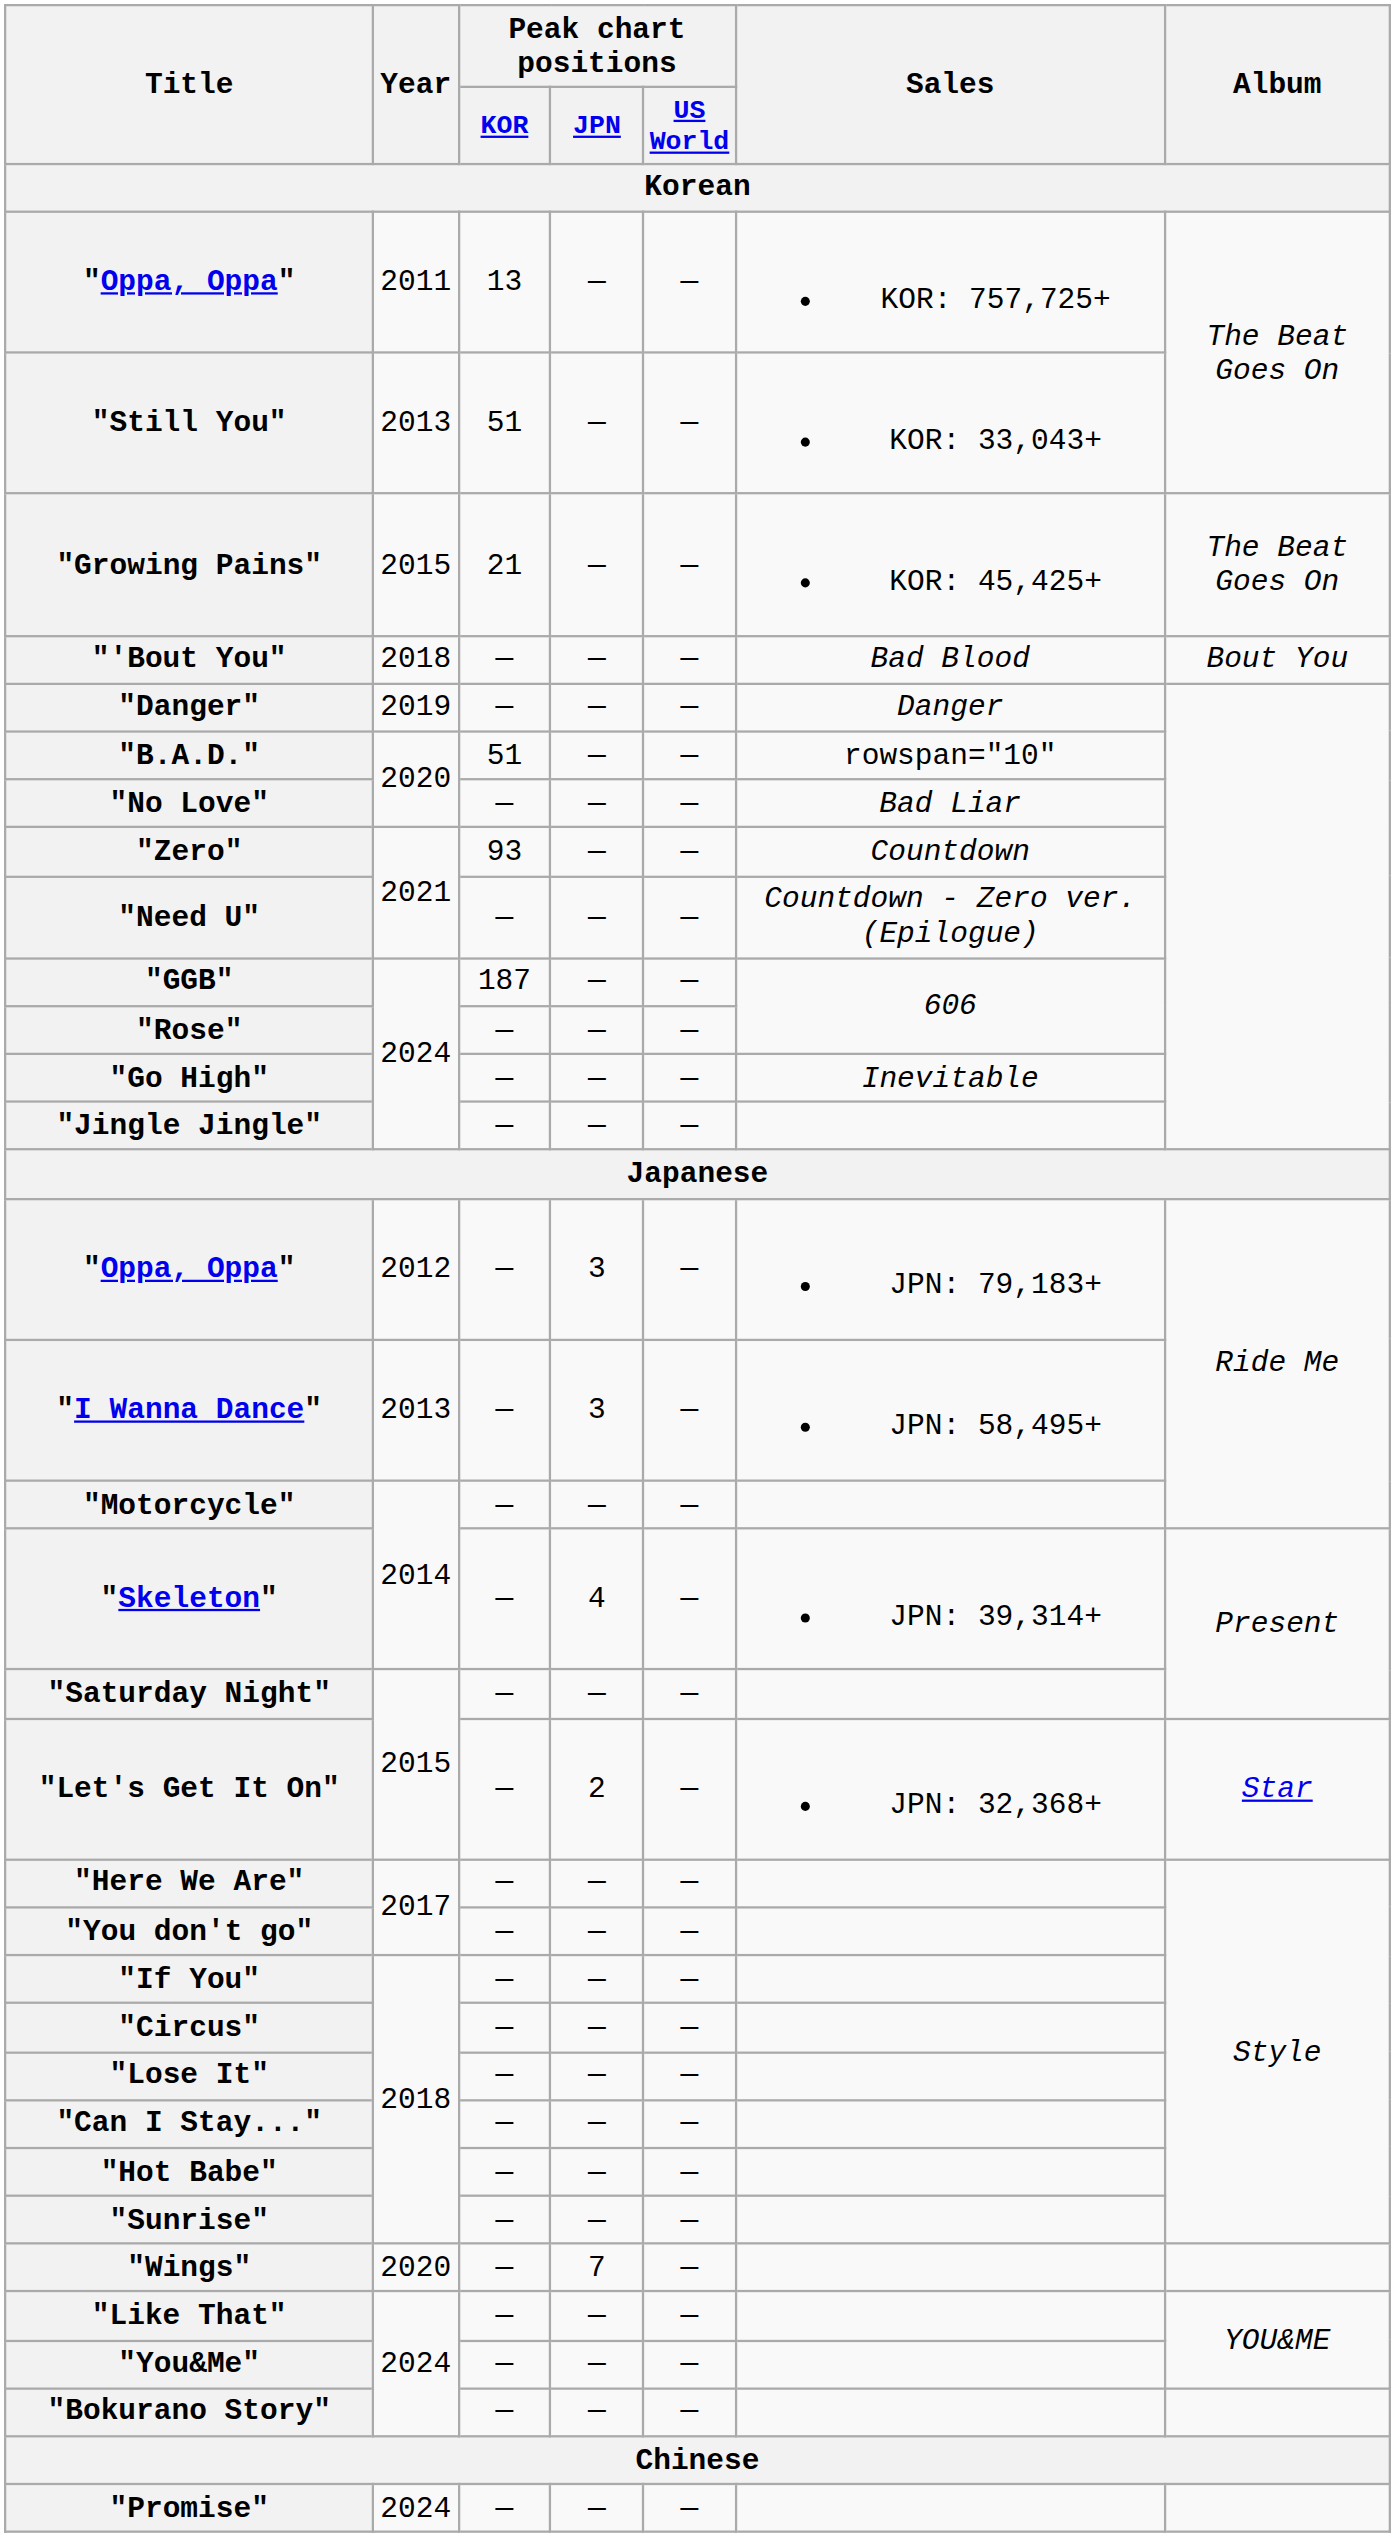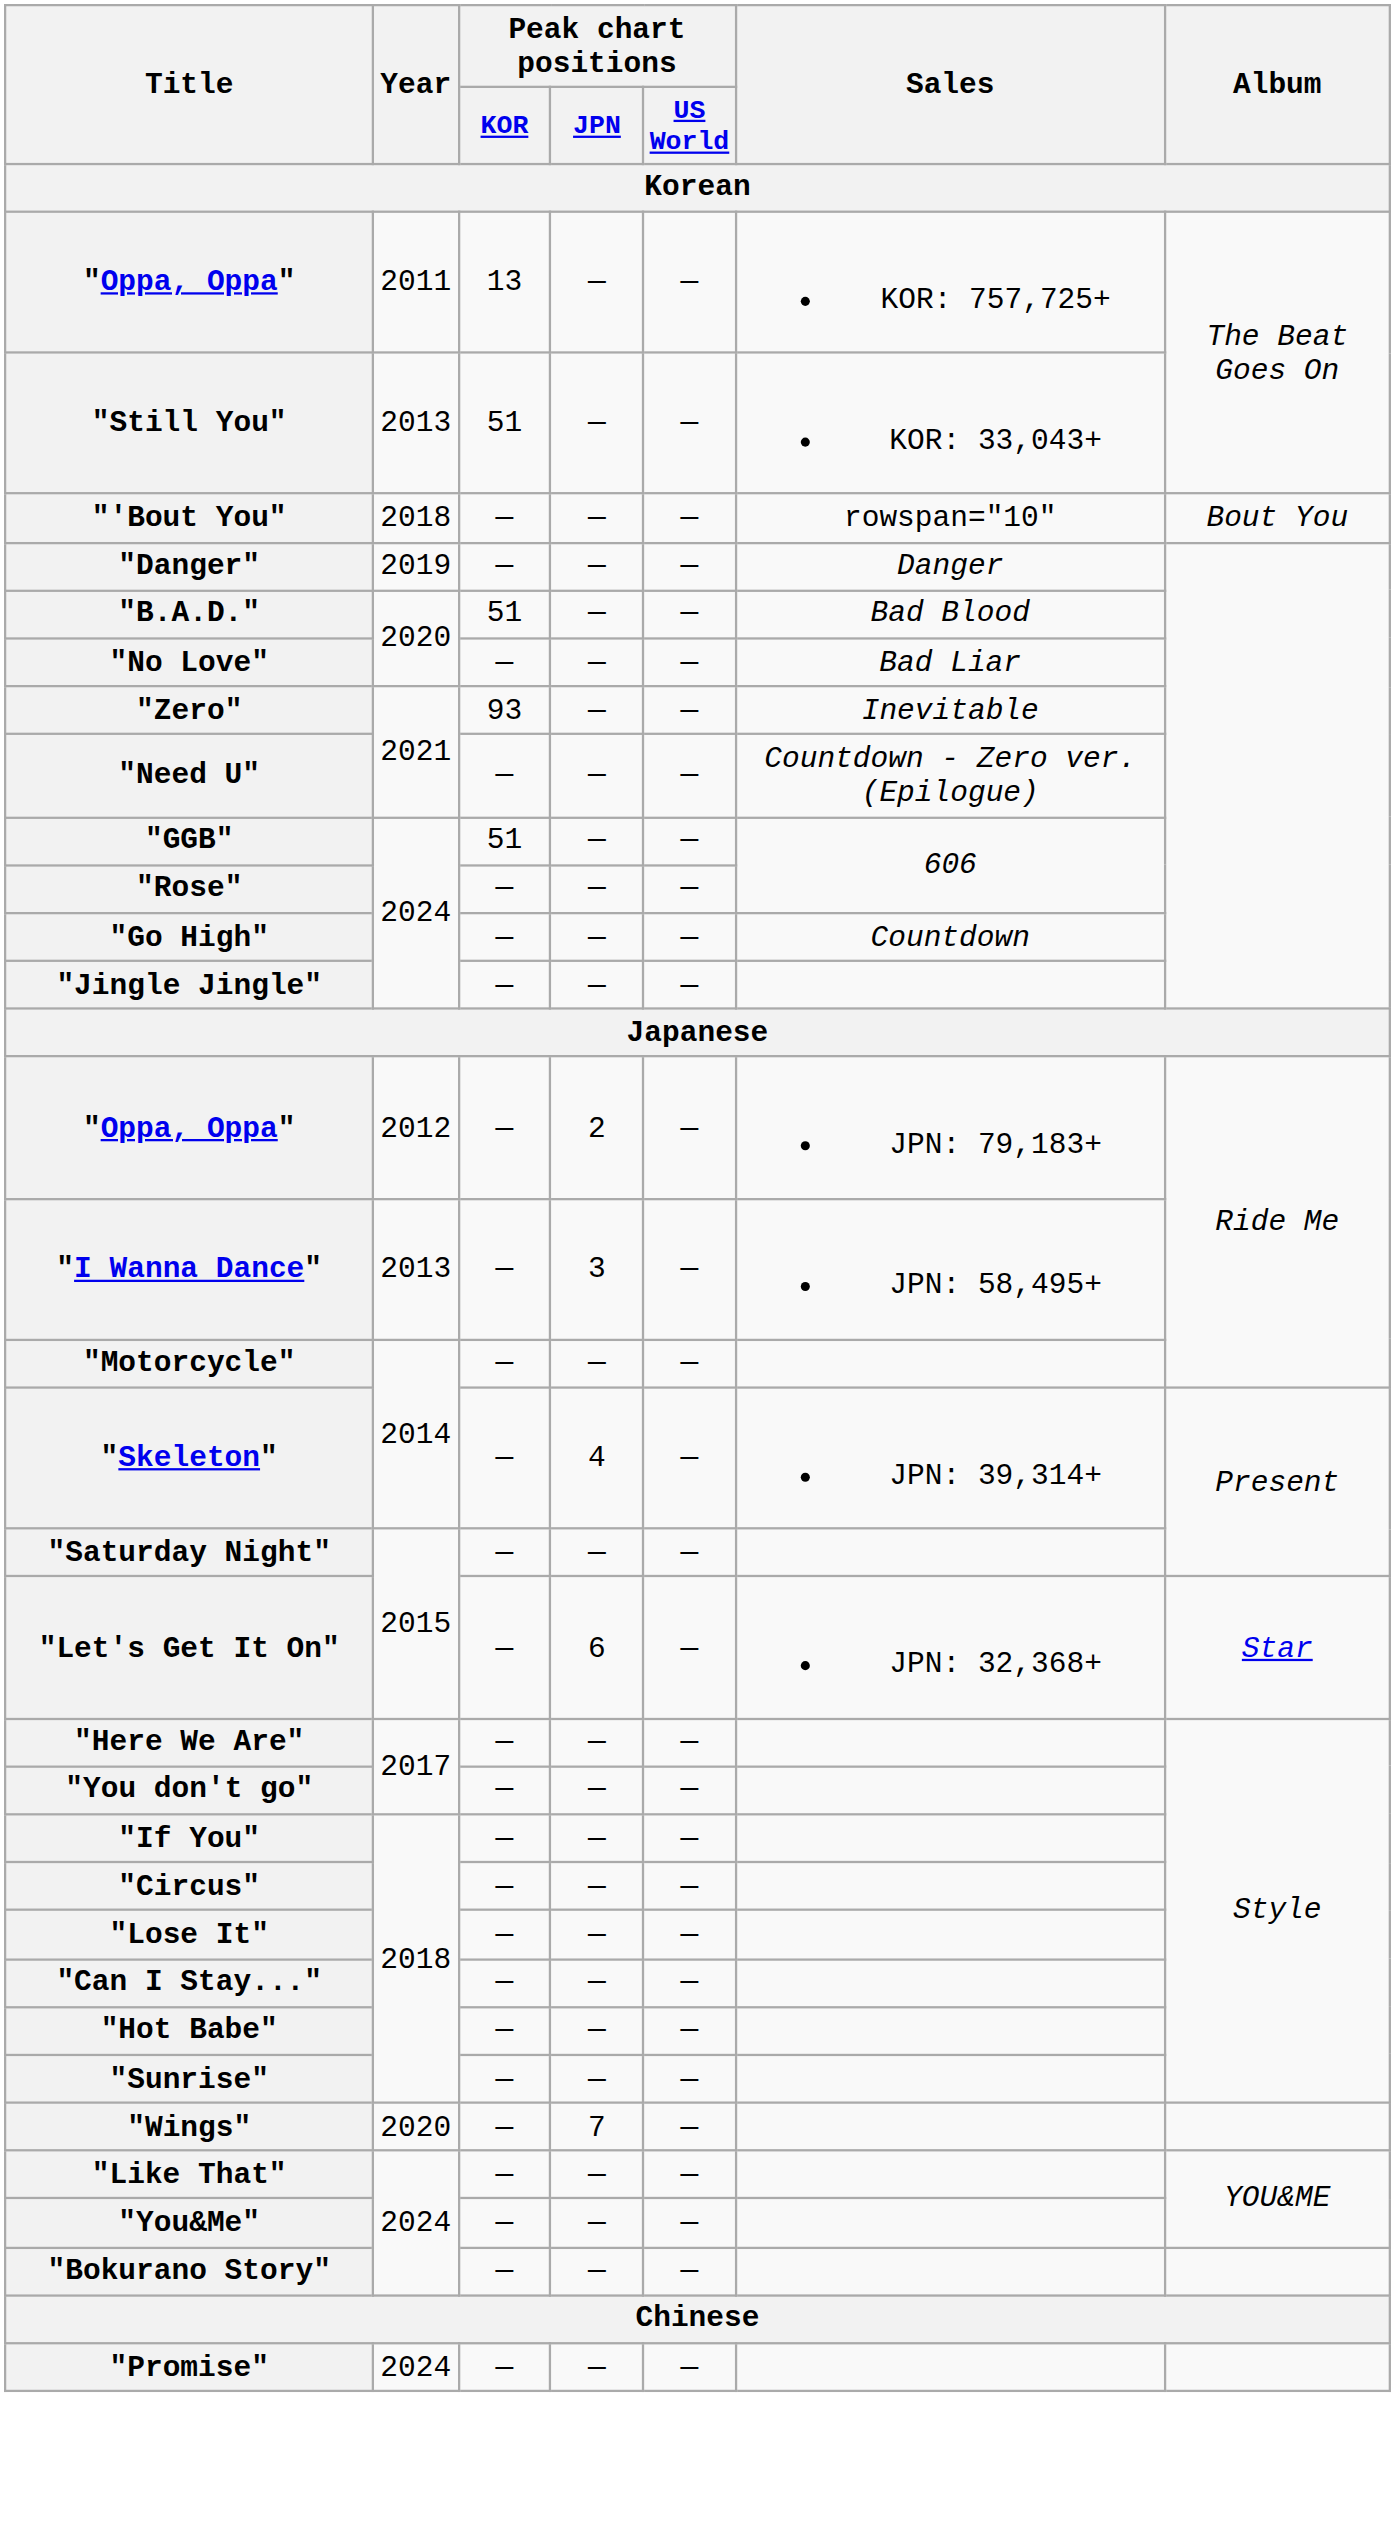 <table class="wikitable plainrowheaders" style="text-align:center;">
 <tr>
 <th scope="col" rowspan="2" style="width:12em;">Title</th>
 <th scope="col" rowspan="2">Year</th>
 <th scope="col" colspan="3">Peak chart positions</th>
 <th scope="col" rowspan="2">Sales</th>
 <th scope="col" rowspan="2">Album</th>
 </tr>
 <tr>
 <th scope="col" style="width:3em;font-size:90%;"><a href='#'>KOR</a><br></th>
 <th scope="col" style="width:3em;font-size:90%;"><a href='#'>JPN</a><br></th>
 <th scope="col" style="width:3em;font-size:90%;"><a href='#'>US<br>World</a></th>
 </tr>
 <tr>
 <th colspan="7" scope="col">Korean</th>
 </tr>
 <tr>
 <th scope=row>"<a href='#'>Oppa, Oppa</a>"</th>
 <td>2011</td>
 <td>13</td>
 <td>—</td>
 <td>—</td>
 <td><br><ul><li>KOR: 757,725+</li></ul></td>
 <td rowspan=2><em>The Beat Goes On</em></td>
 </tr>
 <tr>
 <th scope=row>"Still You"</th>
 <td>2013</td>
 <td>51</td>
 <td>—</td>
 <td>—</td>
 <td><br><ul><li>KOR: 33,043+</li></ul></td>
 </tr>
 <tr>
-<th scope=row>"Growing Pains"</th>
-<td>2015</td>
-<td>21</td>
-<td>—</td>
-<td>—</td>
-<td><br><ul><li>KOR: 45,425+</li></ul></td>
-<td><em>The Beat Goes On</em></td>
-</tr>
-<tr>
 <th scope=row>"'Bout You"</th>
 <td>2018</td>
 <td>—</td>
 <td>—</td>
 <td>—</td>
-<td><em>Bad Blood</em></td>
+<td>rowspan="10" </td>
 <td><em>Bout You</em></td>
 </tr>
 <tr>
 <th scope=row>"Danger"</th>
 <td>2019</td>
 <td>—</td>
 <td>—</td>
 <td>—</td>
 <td><em>Danger</em></td>
 </tr>
 <tr>
 <th scope=row>"B.A.D."</th>
 <td rowspan="2">2020</td>
 <td>51</td>
 <td>—</td>
 <td>—</td>
-<td>rowspan="10" </td>
+<td><em>Bad Blood</em></td>
 </tr>
 <tr>
 <th scope=row>"No Love"</th>
 <td>—</td>
 <td>—</td>
 <td>—</td>
 <td><em>Bad Liar</em></td>
 </tr>
 <tr>
 <th scope=row>"Zero"</th>
 <td rowspan="2">2021</td>
 <td>93</td>
 <td>—</td>
 <td>—</td>
-<td><em>Countdown</em></td>
+<td><em>Inevitable</em></td>
 </tr>
 <tr>
 <th scope=row>"Need U"</th>
 <td>—</td>
 <td>—</td>
 <td>—</td>
 <td><em>Countdown - Zero ver. (Epilogue)</em></td>
 </tr>
 <tr>
 <th scope=row>"GGB"</th>
 <td rowspan="4">2024</td>
-<td>187</td>
+<td>51</td>
 <td>—</td>
 <td>—</td>
 <td rowspan="2"><em>606</em></td>
 </tr>
 <tr>
 <th scope=row>"Rose"</th>
 <td>—</td>
 <td>—</td>
 <td>—</td>
 </tr>
 <tr>
 <th scope=row>"Go High"</th>
 <td>—</td>
 <td>—</td>
 <td>—</td>
-<td><em>Inevitable</em></td>
+<td><em>Countdown</em></td>
 </tr>
 <tr>
 <th scope=row>"Jingle Jingle"</th>
 <td>—</td>
 <td>—</td>
 <td>—</td>
 <td></td>
 </tr>
 <tr>
 <th colspan="7" scope="col">Japanese</th>
 </tr>
 <tr>
 <th scope=row>"<a href='#'>Oppa, Oppa</a>"</th>
 <td>2012</td>
 <td>—</td>
-<td>3</td>
+<td>2</td>
 <td>—</td>
 <td><br><ul><li>JPN: 79,183+ </li></ul></td>
 <td rowspan="3"><em>Ride Me</em></td>
 </tr>
 <tr>
 <th scope=row>"<a href='#'>I Wanna Dance</a>"</th>
 <td>2013</td>
 <td>—</td>
 <td>3</td>
 <td>—</td>
 <td><br><ul><li>JPN: 58,495+ </li></ul></td>
 </tr>
 <tr>
 <th scope=row>"Motorcycle"</th>
 <td rowspan=2>2014</td>
 <td>—</td>
 <td>—</td>
 <td>—</td>
 <td></td>
 </tr>
 <tr>
 <th scope=row>"<a href='#'>Skeleton</a>"</th>
 <td>—</td>
 <td>4</td>
 <td>—</td>
 <td><br><ul><li>JPN: 39,314+ </li></ul></td>
 <td rowspan=2><em>Present</em></td>
 </tr>
 <tr>
 <th scope=row>"Saturday Night"</th>
 <td rowspan=2>2015</td>
 <td>—</td>
 <td>—</td>
 <td>—</td>
 <td></td>
 </tr>
 <tr>
 <th scope=row>"Let's Get It On"</th>
 <td>—</td>
-<td>2</td>
+<td>6</td>
 <td>—</td>
 <td><br><ul><li>JPN: 32,368+ </li></ul></td>
 <td><em><a href='#'>Star</a></em></td>
 </tr>
 <tr>
 <th scope=row>"Here We Are"</th>
 <td rowspan=2>2017</td>
 <td>—</td>
 <td>—</td>
 <td>—</td>
 <td></td>
 <td rowspan="8"><em>Style</em></td>
 </tr>
 <tr>
 <th scope=row>"You don't go"</th>
 <td>—</td>
 <td>—</td>
 <td>—</td>
 <td></td>
 </tr>
 <tr>
 <th scope=row>"If You"</th>
 <td rowspan="6">2018</td>
 <td>—</td>
 <td>—</td>
 <td>—</td>
 <td></td>
 </tr>
 <tr>
 <th scope=row>"Circus"</th>
 <td>—</td>
 <td>—</td>
 <td>—</td>
 <td></td>
 </tr>
 <tr>
 <th scope=row>"Lose It"</th>
 <td>—</td>
 <td>—</td>
 <td>—</td>
 <td></td>
 </tr>
 <tr>
 <th scope=row>"Can I Stay..."</th>
 <td>—</td>
 <td>—</td>
 <td>—</td>
 <td></td>
 </tr>
 <tr>
 <th scope=row>"Hot Babe"</th>
 <td>—</td>
 <td>—</td>
 <td>—</td>
 <td></td>
 </tr>
 <tr>
 <th scope=row>"Sunrise"</th>
 <td>—</td>
 <td>—</td>
 <td>—</td>
 <td></td>
 </tr>
 <tr>
 <th scope=row>"Wings"</th>
 <td>2020</td>
 <td>—</td>
 <td>7</td>
 <td>—</td>
 <td></td>
 <td></td>
 </tr>
 <tr>
 <th scope=row>"Like That"</th>
 <td rowspan=3>2024</td>
 <td>—</td>
 <td>—</td>
 <td>—</td>
 <td></td>
 <td rowspan=2><em>YOU&ME</em></td>
 </tr>
 <tr>
 <th scope=row>"You&Me"</th>
 <td>—</td>
 <td>—</td>
 <td>—</td>
 <td></td>
 </tr>
 <tr>
 <th scope=row>"Bokurano Story"</th>
 <td>—</td>
 <td>—</td>
 <td>—</td>
 <td></td>
 <td></td>
 </tr>
 <tr>
 <th colspan="7" scope="col">Chinese</th>
 </tr>
 <tr>
 <th scope=row>"Promise" <br> </th>
 <td>2024</td>
 <td>—</td>
 <td>—</td>
 <td>—</td>
 <td></td>
 <td></td>
 </tr>
 </table>
